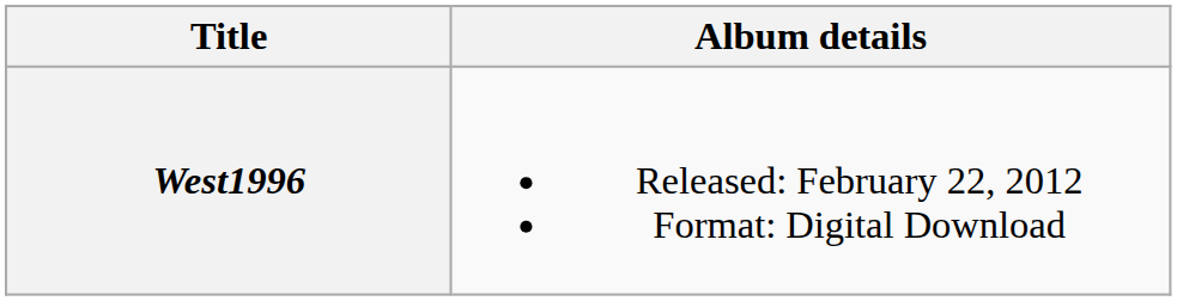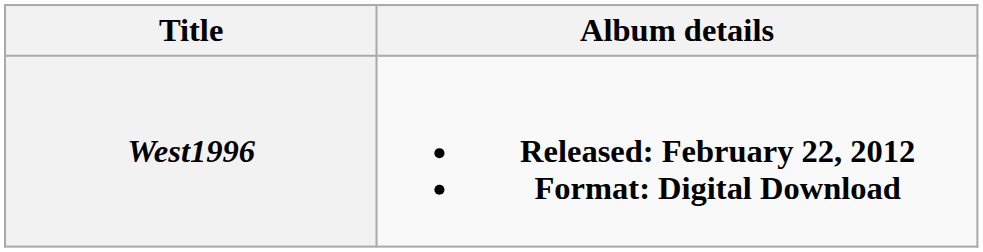 <table class="wikitable plainrowheaders" style="text-align:center;">
 <tr>
 <th scope="col" style="width:11em;">Title</th>
 <th scope="col" style="width:18em;">Album details</th>
 </tr>
 <tr>
 <th scope="row"><em>West1996</em></th>
-<td><br><ul><li>Released: February 22, 2012</li><li>Format: Digital Download</li></ul></td>
+<td><strong><br><ul><li>Released: February 22, 2012</li><li>Format: Digital Download</li></ul></strong></td>
 </tr>
 </table>
